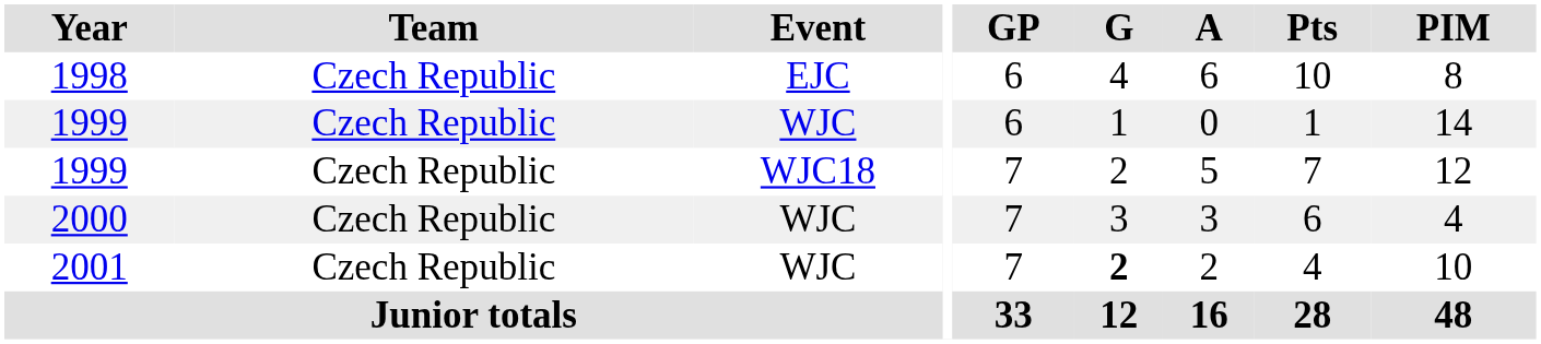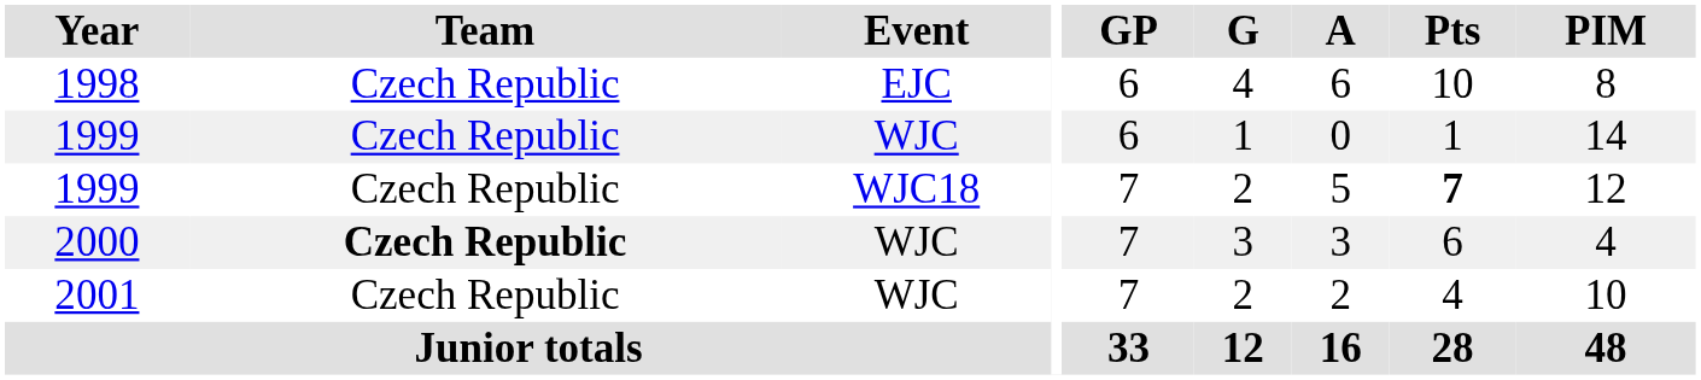 <table border="0" cellpadding="1" cellspacing="0" ID="Table3" style="text-align:center; width:40em">
 <tr bgcolor="#e0e0e0">
 <th>Year</th>
 <th>Team</th>
 <th>Event</th>
 <th rowspan="102" bgcolor="#ffffff"></th>
 <th>GP</th>
 <th>G</th>
 <th>A</th>
 <th>Pts</th>
 <th>PIM</th>
 </tr>
 <tr>
 <td><a href='#'>1998</a></td>
 <td><a href='#'>Czech Republic</a></td>
 <td><a href='#'>EJC</a></td>
 <td>6</td>
 <td>4</td>
 <td>6</td>
 <td>10</td>
 <td>8</td>
 </tr>
 <tr bgcolor="#f0f0f0">
 <td><a href='#'>1999</a></td>
 <td><a href='#'>Czech Republic</a></td>
 <td><a href='#'>WJC</a></td>
 <td>6</td>
 <td>1</td>
 <td>0</td>
 <td>1</td>
 <td>14</td>
 </tr>
 <tr>
 <td><a href='#'>1999</a></td>
 <td>Czech Republic</td>
 <td><a href='#'>WJC18</a></td>
 <td>7</td>
 <td>2</td>
 <td>5</td>
-<td>7</td>
+<td><strong>7</strong></td>
 <td>12</td>
 </tr>
 <tr bgcolor="#f0f0f0">
 <td><a href='#'>2000</a></td>
-<td>Czech Republic</td>
+<td><strong>Czech Republic</strong></td>
 <td>WJC</td>
 <td>7</td>
 <td>3</td>
 <td>3</td>
 <td>6</td>
 <td>4</td>
 </tr>
 <tr>
 <td><a href='#'>2001</a></td>
 <td>Czech Republic</td>
 <td>WJC</td>
 <td>7</td>
-<td><strong>2</strong></td>
+<td>2</td>
 <td>2</td>
 <td>4</td>
 <td>10</td>
 </tr>
 <tr bgcolor="#e0e0e0">
 <th colspan="3">Junior totals</th>
 <th>33</th>
 <th>12</th>
 <th>16</th>
 <th>28</th>
 <th>48</th>
 </tr>
 </table>
